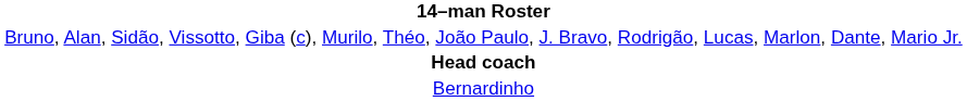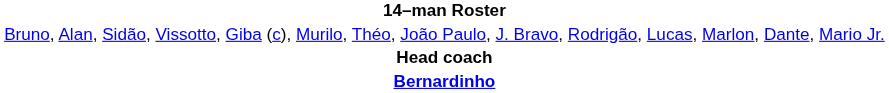 <table style="text-align:center; margin-top:2em; margin-left:auto; margin-right:auto">
 <tr>
 <td><strong>14–man Roster</strong></td>
 </tr>
 <tr>
 <td><a href='#'>Bruno</a>, <a href='#'>Alan</a>, <a href='#'>Sidão</a>, <a href='#'>Vissotto</a>, <a href='#'>Giba</a> (<a href='#'>c</a>), <a href='#'>Murilo</a>, <a href='#'>Théo</a>, <a href='#'>João Paulo</a>, <a href='#'>J. Bravo</a>, <a href='#'>Rodrigão</a>, <a href='#'>Lucas</a>, <a href='#'>Marlon</a>, <a href='#'>Dante</a>, <a href='#'>Mario Jr.</a></td>
 </tr>
 <tr>
 <td><strong>Head coach</strong></td>
 </tr>
 <tr>
-<td><a href='#'>Bernardinho</a></td>
+<td><strong><a href='#'>Bernardinho</a></strong></td>
 </tr>
 </table>
